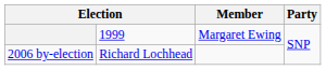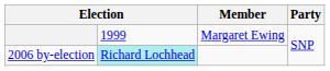 <table class="wikitable">
 <tr>
 <th colspan="2">Election</th>
 <th>Member</th>
 <th>Party</th>
 </tr>
 <tr>
 <th style="background-color: "></th>
 <td><a href='#'>1999</a></td>
 <td><a href='#'>Margaret Ewing</a></td>
 <td rowspan="2"><a href='#'>SNP</a></td>
 </tr>
 <tr>
 <td><a href='#'>2006 by-election</a></td>
-<td><a href='#'>Richard Lochhead</a></td>
+<td style="background: paleturquoise;"><a href='#'>Richard Lochhead</a></td>
 </tr>
 </table>
